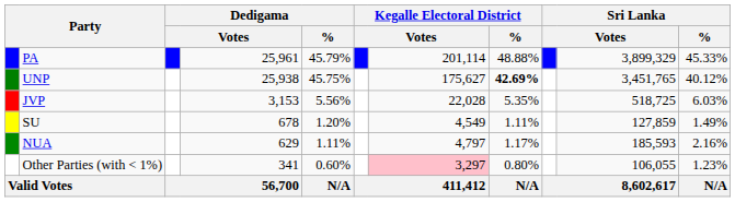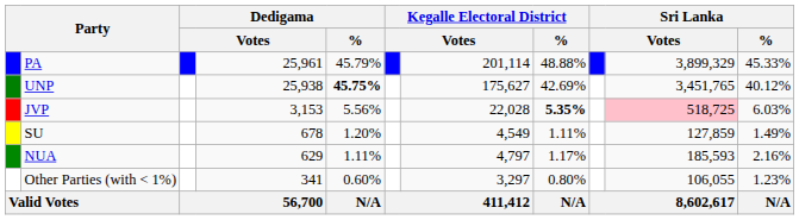 <table class="wikitable">
 <tr>
 <th colspan="2" width="144px"rowspan="2">Party</th>
 <th colspan="3" width="216px">Dedigama</th>
 <th colspan="3" width="216px"><a href='#'>Kegalle Electoral District</a></th>
 <th colspan="3" width="216px">Sri Lanka</th>
 </tr>
 <tr>
 <th colspan="2" width="144px">Votes</th>
 <th>%</th>
 <th colspan="2" width="144px">Votes</th>
 <th>%</th>
 <th colspan="2" width="144px">Votes</th>
 <th>%</th>
 </tr>
 <tr>
 <td style="background-color:blue;" width="10px"></td>
 <td style="text-align:left;"><a href='#'>PA</a></td>
 <td style="background-color:blue;" width="10px"></td>
 <td style="text-align:right;">25,961</td>
 <td style="text-align:right;">45.79%</td>
 <td style="background-color:blue;" width="10px"></td>
 <td style="text-align:right;">201,114</td>
 <td style="text-align:right;">48.88%</td>
 <td style="background-color:blue;" width="10px"></td>
 <td style="text-align:right;">3,899,329</td>
 <td style="text-align:right;">45.33%</td>
 </tr>
 <tr>
 <td style="background-color:green;" width="10px"></td>
 <td style="text-align:left;"><a href='#'>UNP</a></td>
 <td style="background-color:white;" width="10px"></td>
 <td style="text-align:right;">25,938</td>
-<td style="text-align:right;">45.75%</td>
+<td style="text-align:right;"><strong>45.75%</strong></td>
 <td style="background-color:white;" width="10px"></td>
 <td style="text-align:right;">175,627</td>
-<td style="text-align:right;"><strong>42.69%</strong></td>
+<td style="text-align:right;">42.69%</td>
 <td style="background-color:white;" width="10px"></td>
 <td style="text-align:right;">3,451,765</td>
 <td style="text-align:right;">40.12%</td>
 </tr>
 <tr>
 <td style="background-color:red;" width="10px"></td>
 <td style="text-align:left;"><a href='#'>JVP</a></td>
 <td style="background-color:white;" width="10px"></td>
 <td style="text-align:right;">3,153</td>
 <td style="text-align:right;">5.56%</td>
 <td style="background-color:white;" width="10px"></td>
 <td style="text-align:right;">22,028</td>
-<td style="text-align:right;">5.35%</td>
+<td style="text-align:right;"><strong>5.35%</strong></td>
 <td style="background-color:white;" width="10px"></td>
-<td style="text-align:right;">518,725</td>
+<td style="background: pink; text-align:right;">518,725</td>
 <td style="text-align:right;">6.03%</td>
 </tr>
 <tr>
 <td style="background-color:yellow;" width="10px"></td>
 <td style="text-align:left;">SU</td>
 <td style="background-color:white;" width="10px"></td>
 <td style="text-align:right;">678</td>
 <td style="text-align:right;">1.20%</td>
 <td style="background-color:white;" width="10px"></td>
 <td style="text-align:right;">4,549</td>
 <td style="text-align:right;">1.11%</td>
 <td style="background-color:white;" width="10px"></td>
 <td style="text-align:right;">127,859</td>
 <td style="text-align:right;">1.49%</td>
 </tr>
 <tr>
 <td style="background-color:#008800;" width="10px"></td>
 <td style="text-align:left;"><a href='#'>NUA</a></td>
 <td style="background-color:white;" width="10px"></td>
 <td style="text-align:right;">629</td>
 <td style="text-align:right;">1.11%</td>
 <td style="background-color:white;" width="10px"></td>
 <td style="text-align:right;">4,797</td>
 <td style="text-align:right;">1.17%</td>
 <td style="background-color:white;" width="10px"></td>
 <td style="text-align:right;">185,593</td>
 <td style="text-align:right;">2.16%</td>
 </tr>
 <tr>
 <td style="background-color:white;" width="10px"></td>
 <td style="text-align:left;">Other Parties (with < 1%)</td>
 <td style="background-color:white;" width="10px"></td>
 <td style="text-align:right;">341</td>
 <td style="text-align:right;">0.60%</td>
 <td style="background-color:white;" width="10px"></td>
-<td style="background: pink; text-align:right;">3,297</td>
+<td style="text-align:right;">3,297</td>
 <td style="text-align:right;">0.80%</td>
 <td style="background-color:white;" width="10px"></td>
 <td style="text-align:right;">106,055</td>
 <td style="text-align:right;">1.23%</td>
 </tr>
 <tr>
 <th colspan="2" width="144px"style="text-align:left;">Valid Votes</th>
 <th style="text-align:right;"colspan="2" width="144px">56,700</th>
 <th style="text-align:right;">N/A</th>
 <th style="text-align:right;"colspan="2" width="144px">411,412</th>
 <th style="text-align:right;">N/A</th>
 <th style="text-align:right;"colspan="2" width="144px">8,602,617</th>
 <th style="text-align:right;">N/A</th>
 </tr>
 </table>
